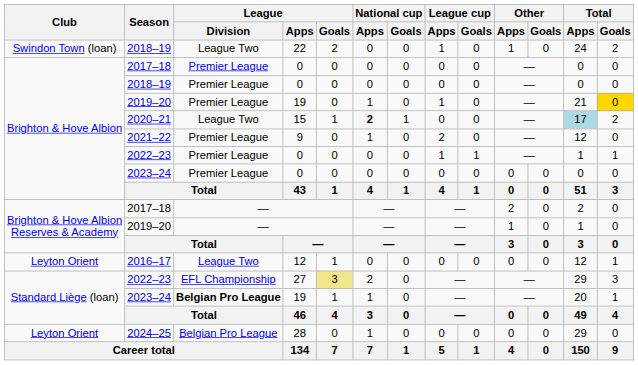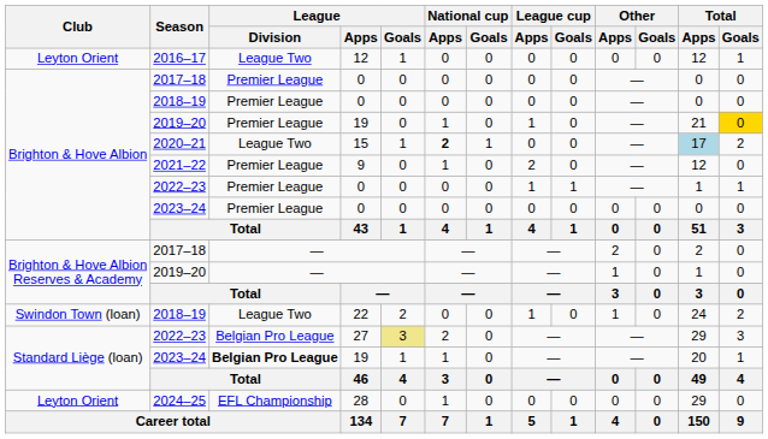 <table class="wikitable" style="text-align:center">
 <tr>
 <th rowspan="2">Club</th>
 <th rowspan="2">Season</th>
 <th colspan="3">League</th>
 <th colspan="2">National cup</th>
 <th colspan="2">League cup</th>
 <th colspan="2">Other</th>
 <th colspan="2">Total</th>
 </tr>
 <tr>
 <th>Division</th>
 <th>Apps</th>
 <th>Goals</th>
 <th>Apps</th>
 <th>Goals</th>
 <th>Apps</th>
 <th>Goals</th>
 <th>Apps</th>
 <th>Goals</th>
 <th>Apps</th>
 <th>Goals</th>
 </tr>
 <tr>
-<td><a href='#'>Swindon Town</a> (loan)</td>
-<td><a href='#'>2018–19</a></td>
-<td>League Two</td>
-<td>22</td>
-<td>2</td>
+<td><a href='#'>Leyton Orient</a></td>
+<td><a href='#'>2016–17</a></td>
+<td><a href='#'>League Two</a></td>
+<td>12</td>
+<td>1</td>
 <td>0</td>
 <td>0</td>
+<td>0</td>
+<td>0</td>
+<td>0</td>
+<td>0</td>
+<td>12</td>
 <td>1</td>
-<td>0</td>
-<td>1</td>
-<td>0</td>
-<td>24</td>
-<td>2</td>
 </tr>
 <tr>
 <td rowspan="8"><a href='#'>Brighton & Hove Albion</a></td>
 <td><a href='#'>2017–18</a></td>
 <td><a href='#'>Premier League</a></td>
 <td>0</td>
 <td>0</td>
 <td>0</td>
 <td>0</td>
 <td>0</td>
 <td>0</td>
 <td colspan="2">—</td>
 <td>0</td>
 <td>0</td>
 </tr>
 <tr>
 <td><a href='#'>2018–19</a></td>
 <td>Premier League</td>
 <td>0</td>
 <td>0</td>
 <td>0</td>
 <td>0</td>
 <td>0</td>
 <td>0</td>
 <td colspan="2">—</td>
 <td>0</td>
 <td>0</td>
 </tr>
 <tr>
 <td><a href='#'>2019–20</a></td>
 <td>Premier League</td>
 <td>19</td>
 <td>0</td>
 <td>1</td>
 <td>0</td>
 <td>1</td>
 <td>0</td>
 <td colspan="2">—</td>
 <td>21</td>
 <td style="background: gold;">0</td>
 </tr>
 <tr>
 <td><a href='#'>2020–21</a></td>
 <td>League Two</td>
 <td>15</td>
 <td>1</td>
 <td><strong>2</strong></td>
 <td>1</td>
 <td>0</td>
 <td>0</td>
 <td colspan="2">—</td>
 <td style="background: lightblue;">17</td>
 <td>2</td>
 </tr>
 <tr>
 <td><a href='#'>2021–22</a></td>
 <td>Premier League</td>
 <td>9</td>
 <td>0</td>
 <td>1</td>
 <td>0</td>
 <td>2</td>
 <td>0</td>
 <td colspan="2">—</td>
 <td>12</td>
 <td>0</td>
 </tr>
 <tr>
 <td><a href='#'>2022–23</a></td>
 <td>Premier League</td>
 <td>0</td>
 <td>0</td>
 <td>0</td>
 <td>0</td>
 <td>1</td>
 <td>1</td>
 <td colspan="2">—</td>
 <td>1</td>
 <td>1</td>
 </tr>
 <tr>
 <td><a href='#'>2023–24</a></td>
 <td>Premier League</td>
 <td>0</td>
 <td>0</td>
 <td>0</td>
 <td>0</td>
 <td>0</td>
 <td>0</td>
 <td>0</td>
 <td>0</td>
 <td>0</td>
 <td>0</td>
 </tr>
 <tr>
 <th colspan="2">Total</th>
 <th>43</th>
 <th>1</th>
 <th>4</th>
 <th>1</th>
 <th>4</th>
 <th>1</th>
 <th>0</th>
 <th>0</th>
 <th>51</th>
 <th>3</th>
 </tr>
 <tr>
 <td rowspan="3"><a href='#'>Brighton & Hove Albion <br> Reserves & Academy</a></td>
 <td>2017–18</td>
 <td colspan="3">—</td>
 <td colspan="2">—</td>
 <td colspan="2">—</td>
 <td>2</td>
 <td>0</td>
 <td>2</td>
 <td>0</td>
 </tr>
 <tr>
 <td>2019–20</td>
 <td colspan="3">—</td>
 <td colspan="2">—</td>
 <td colspan="2">—</td>
 <td>1</td>
 <td>0</td>
 <td>1</td>
 <td>0</td>
 </tr>
 <tr>
 <th colspan="2">Total</th>
 <th colspan="2">—</th>
 <th colspan="2">—</th>
 <th colspan="2">—</th>
 <th>3</th>
 <th>0</th>
 <th>3</th>
 <th>0</th>
 </tr>
 <tr>
-<td><a href='#'>Leyton Orient</a></td>
-<td><a href='#'>2016–17</a></td>
-<td><a href='#'>League Two</a></td>
-<td>12</td>
+<td><a href='#'>Swindon Town</a> (loan)</td>
+<td><a href='#'>2018–19</a></td>
+<td>League Two</td>
+<td>22</td>
+<td>2</td>
+<td>0</td>
+<td>0</td>
 <td>1</td>
 <td>0</td>
+<td>1</td>
 <td>0</td>
-<td>0</td>
-<td>0</td>
-<td>0</td>
-<td>0</td>
-<td>12</td>
-<td>1</td>
+<td>24</td>
+<td>2</td>
 </tr>
 <tr>
 <td rowspan="3"><a href='#'>Standard Liège</a> (loan)</td>
 <td><a href='#'>2022–23</a></td>
-<td><a href='#'>EFL Championship</a></td>
+<td><a href='#'>Belgian Pro League</a></td>
 <td>27</td>
 <td style="background: khaki;">3</td>
 <td>2</td>
 <td>0</td>
 <td colspan="2">—</td>
 <td colspan="2">—</td>
 <td>29</td>
 <td>3</td>
 </tr>
 <tr>
 <td><a href='#'>2023–24</a></td>
 <td><strong>Belgian Pro League</strong></td>
 <td>19</td>
 <td>1</td>
 <td>1</td>
 <td>0</td>
 <td colspan="2">—</td>
 <td colspan="2">—</td>
 <td>20</td>
 <td>1</td>
 </tr>
 <tr>
 <th colspan="2">Total</th>
 <th>46</th>
 <th>4</th>
 <th>3</th>
 <th>0</th>
 <th colspan="2">—</th>
 <th>0</th>
 <th>0</th>
 <th>49</th>
 <th>4</th>
 </tr>
 <tr>
 <td><a href='#'>Leyton Orient</a></td>
 <td><a href='#'>2024–25</a></td>
-<td><a href='#'>Belgian Pro League</a></td>
+<td><a href='#'>EFL Championship</a></td>
 <td>28</td>
 <td>0</td>
 <td>1</td>
 <td>0</td>
 <td>0</td>
 <td>0</td>
 <td>0</td>
 <td>0</td>
 <td>29</td>
 <td>0</td>
 </tr>
 <tr>
 <th colspan="3">Career total</th>
 <th>134</th>
 <th>7</th>
 <th>7</th>
 <th>1</th>
 <th>5</th>
 <th>1</th>
 <th>4</th>
 <th>0</th>
 <th>150</th>
 <th>9</th>
 </tr>
 </table>
